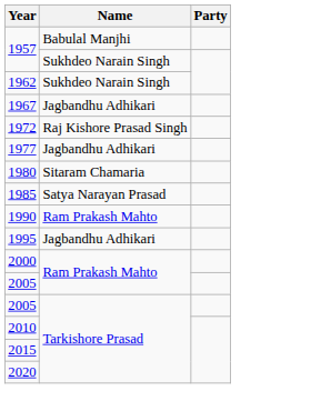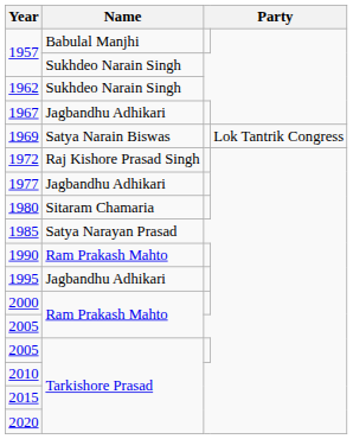 <table class="wikitable sortable">
 <tr>
 <th>Year</th>
 <th>Name</th>
 <th colspan="2">Party</th>
 </tr>
 <tr>
 <td rowspan="2"><a href='#'>1957</a></td>
 <td>Babulal Manjhi</td>
 <td></td>
 </tr>
 <tr>
 <td>Sukhdeo Narain Singh</td>
 </tr>
 <tr>
 <td><a href='#'>1962</a></td>
 <td>Sukhdeo Narain Singh</td>
 </tr>
 <tr>
 <td><a href='#'>1967</a></td>
 <td>Jagbandhu Adhikari</td>
 <td></td>
+</tr>
+<tr>
+<td><a href='#'>1969</a></td>
+<td>Satya Narain Biswas</td>
+<td style="background-color: "></td>
+<td>Lok Tantrik Congress</td>
 </tr>
 <tr>
 <td><a href='#'>1972</a></td>
 <td>Raj Kishore Prasad Singh</td>
 <td></td>
 </tr>
 <tr>
 <td><a href='#'>1977</a></td>
 <td>Jagbandhu Adhikari</td>
 <td></td>
 </tr>
 <tr>
 <td><a href='#'>1980</a></td>
 <td>Sitaram Chamaria</td>
 <td></td>
 </tr>
 <tr>
 <td><a href='#'>1985</a></td>
 <td>Satya Narayan Prasad</td>
 </tr>
 <tr>
 <td><a href='#'>1990</a></td>
 <td><a href='#'>Ram Prakash Mahto</a></td>
 <td></td>
 </tr>
 <tr>
 <td><a href='#'>1995</a></td>
 <td>Jagbandhu Adhikari</td>
 <td></td>
 </tr>
 <tr>
 <td><a href='#'>2000</a></td>
 <td rowspan="2"><a href='#'>Ram Prakash Mahto</a></td>
 <td></td>
 </tr>
 <tr>
 <td><a href='#'>2005</a></td>
 </tr>
 <tr>
 <td><a href='#'>2005</a></td>
 <td rowspan="4"><a href='#'>Tarkishore Prasad</a></td>
 <td></td>
 </tr>
 <tr>
 <td><a href='#'>2010</a></td>
 </tr>
 <tr>
 <td><a href='#'>2015</a></td>
 </tr>
 <tr>
 <td><a href='#'>2020</a></td>
 </tr>
 </table>
